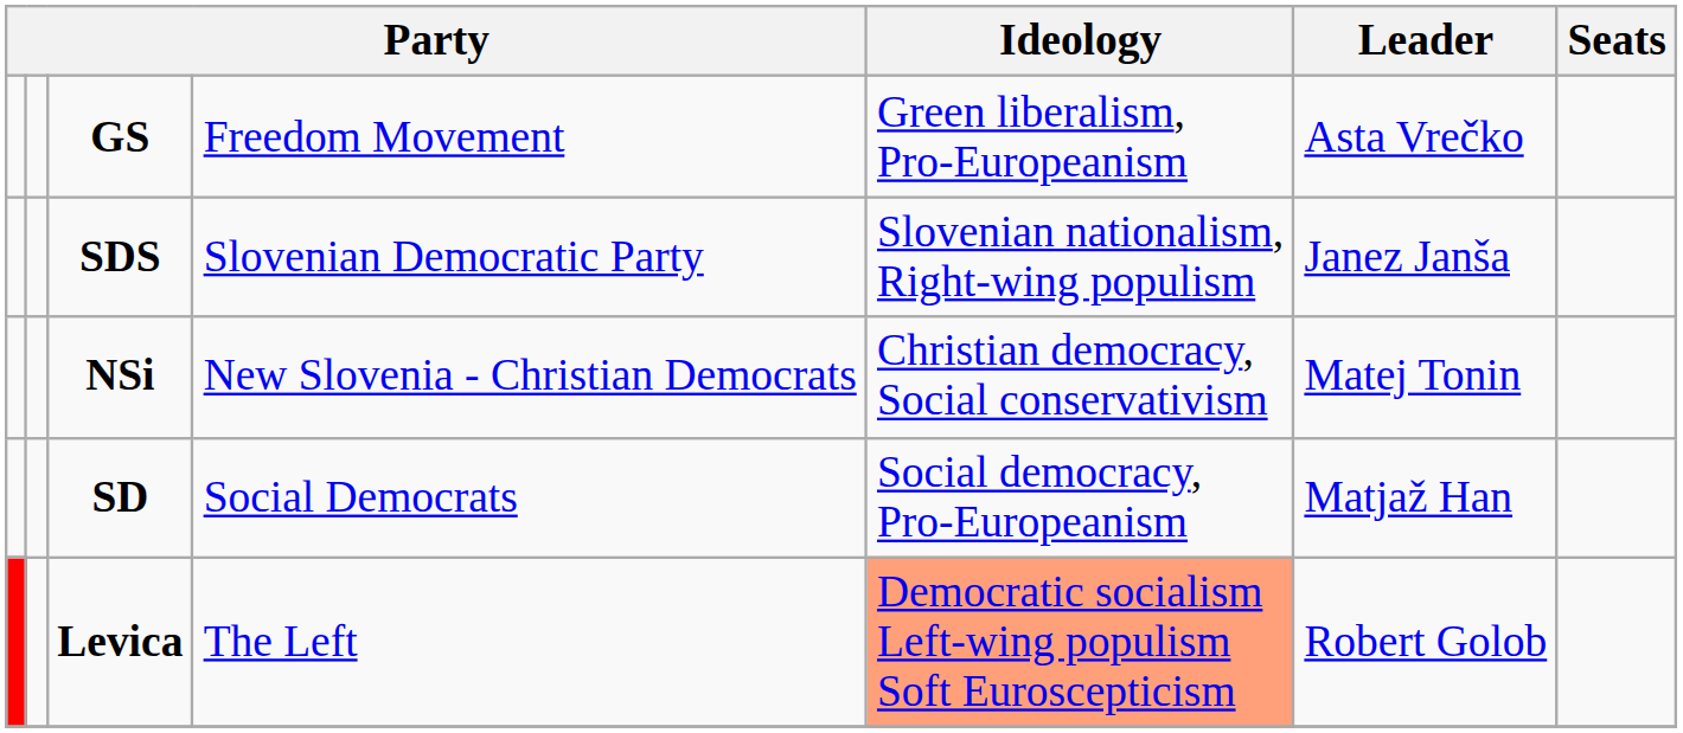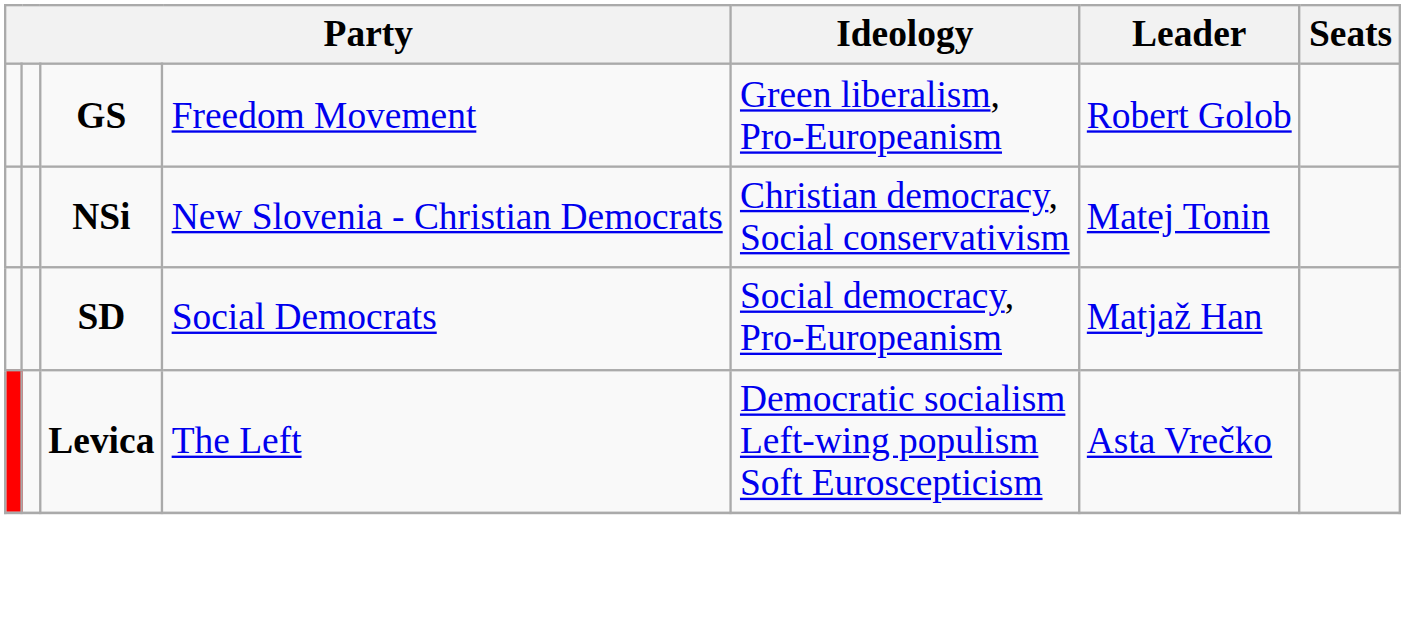 <table class="wikitable">
 <tr>
 <th colspan="4">Party</th>
 <th>Ideology</th>
 <th>Leader</th>
 <th>Seats</th>
 </tr>
 <tr>
 <td style="background:"></td>
 <td></td>
 <td style="text-align:center;"><strong>GS</strong></td>
 <td><a href='#'>Freedom Movement</a><br></td>
 <td><a href='#'>Green liberalism</a>, <br><a href='#'>Pro-Europeanism</a></td>
-<td><a href='#'>Asta Vrečko</a></td>
-<td></td>
-</tr>
-<tr>
-<td style="background:"></td>
-<td></td>
-<td style="text-align:center;"><strong>SDS</strong></td>
-<td><a href='#'>Slovenian Democratic Party</a><br></td>
-<td><a href='#'>Slovenian nationalism</a>, <br><a href='#'>Right-wing populism</a></td>
-<td><a href='#'>Janez Janša</a></td>
+<td><a href='#'>Robert Golob</a></td>
 <td></td>
 </tr>
 <tr>
 <td style="background:"></td>
 <td></td>
 <td style="text-align:center;"><strong>NSi</strong></td>
 <td><a href='#'>New Slovenia - Christian Democrats</a><br></td>
 <td><a href='#'>Christian democracy</a>, <br><a href='#'>Social conservativism</a></td>
 <td><a href='#'>Matej Tonin</a></td>
 <td></td>
 </tr>
 <tr>
 <td style="background:"></td>
 <td></td>
 <td style="text-align:center;"><strong>SD</strong></td>
 <td><a href='#'>Social Democrats</a><br></td>
 <td><a href='#'>Social democracy</a>, <br><a href='#'>Pro-Europeanism</a></td>
 <td><a href='#'>Matjaž Han</a></td>
 <td></td>
 </tr>
 <tr>
 <td style="background:red"></td>
 <td></td>
 <td style="text-align:center;"><strong>Levica</strong></td>
 <td><a href='#'>The Left</a><br></td>
-<td style="background: lightsalmon;"><a href='#'>Democratic socialism</a><br><a href='#'>Left-wing populism</a><br><a href='#'>Soft Euroscepticism</a></td>
-<td><a href='#'>Robert Golob</a></td>
+<td><a href='#'>Democratic socialism</a><br><a href='#'>Left-wing populism</a><br><a href='#'>Soft Euroscepticism</a></td>
+<td><a href='#'>Asta Vrečko</a></td>
 <td></td>
 </tr>
 <tr>
 </tr>
 </table>
